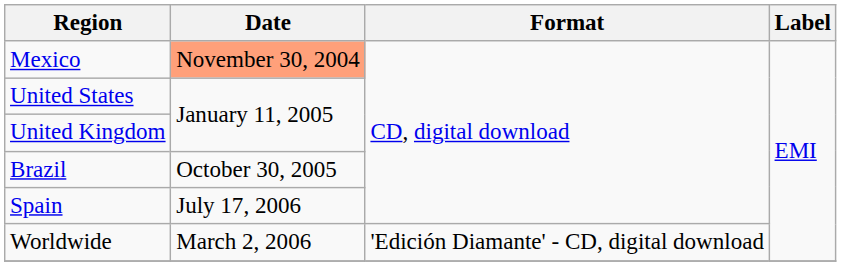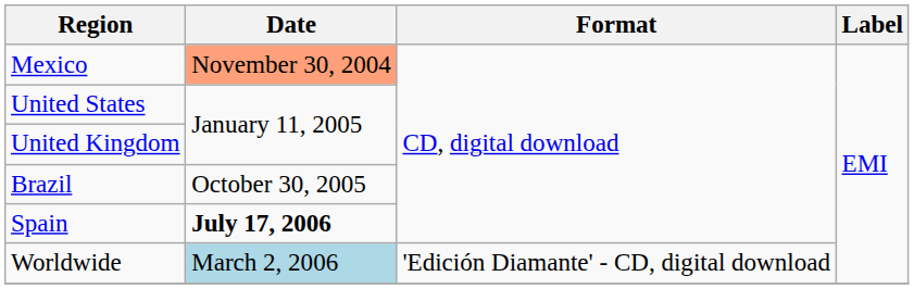 <table class="wikitable">
 <tr>
 <th>Region</th>
 <th>Date</th>
 <th>Format</th>
 <th>Label</th>
 </tr>
 <tr>
 <td><a href='#'>Mexico</a></td>
 <td style="background: lightsalmon; text-align:left;">November 30, 2004</td>
 <td rowspan="5"><a href='#'>CD</a>, <a href='#'>digital download</a></td>
 <td rowspan="6"><a href='#'>EMI</a></td>
 </tr>
 <tr>
 <td><a href='#'>United States</a></td>
 <td style="text-align:left;" rowspan="2">January 11, 2005</td>
 </tr>
 <tr>
 <td><a href='#'>United Kingdom</a></td>
 </tr>
 <tr>
 <td><a href='#'>Brazil</a></td>
 <td style="text-align:left;">October 30, 2005</td>
 </tr>
 <tr>
 <td><a href='#'>Spain</a></td>
-<td style="text-align:left;">July 17, 2006</td>
+<td style="text-align:left;"><strong>July 17, 2006</strong></td>
 </tr>
 <tr>
 <td>Worldwide</td>
-<td style="text-align:left;">March 2, 2006</td>
+<td style="background: lightblue; text-align:left;">March 2, 2006</td>
 <td>'Edición Diamante' - CD, digital download</td>
 </tr>
 <tr>
 </tr>
 </table>
